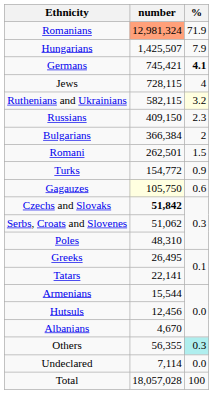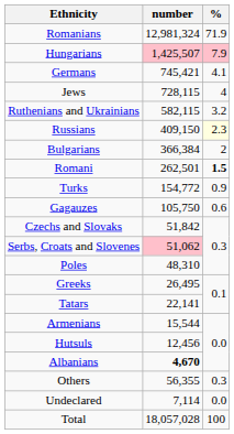 <table class="wikitable" style="text-align:center; border:5">
 <tr bgcolor="#e0e0e0">
 <th>Ethnicity</th>
 <th>number</th>
 <th>%</th>
 </tr>
 <tr>
 <td><a href='#'>Romanians</a></td>
-<td align="right" style="background: lightsalmon;">12,981,324</td>
+<td align="right">12,981,324</td>
 <td align="right">71.9</td>
 </tr>
 <tr>
 <td><a href='#'>Hungarians</a></td>
-<td align="right">1,425,507</td>
-<td align="right">7.9</td>
+<td align="right" style="background: pink;">1,425,507</td>
+<td align="right" style="background: pink;">7.9</td>
 </tr>
 <tr>
 <td><a href='#'>Germans</a></td>
 <td align="right">745,421</td>
-<td align="right"><strong>4.1</strong></td>
+<td align="right">4.1</td>
 </tr>
 <tr>
 <td>Jews</td>
 <td align="right">728,115</td>
 <td align="right">4</td>
 </tr>
 <tr>
 <td><a href='#'>Ruthenians</a> and <a href='#'>Ukrainians</a></td>
 <td align="right">582,115</td>
-<td align="right" style="background: lightyellow;">3.2</td>
+<td align="right">3.2</td>
 </tr>
 <tr>
 <td><a href='#'>Russians</a></td>
 <td align="right">409,150</td>
-<td align="right">2.3</td>
+<td align="right" style="background: lightyellow;">2.3</td>
 </tr>
 <tr>
 <td><a href='#'>Bulgarians</a></td>
 <td align="right">366,384</td>
 <td align="right">2</td>
 </tr>
 <tr>
 <td><a href='#'>Romani</a></td>
 <td align="right">262,501</td>
-<td align="right">1.5</td>
+<td align="right"><strong>1.5</strong></td>
 </tr>
 <tr>
 <td><a href='#'>Turks</a></td>
 <td align="right">154,772</td>
 <td align="right">0.9</td>
 </tr>
 <tr>
 <td><a href='#'>Gagauzes</a></td>
-<td align="right" style="background: lightyellow;">105,750</td>
+<td align="right">105,750</td>
 <td align="right">0.6</td>
 </tr>
 <tr>
 <td><a href='#'>Czechs</a> and <a href='#'>Slovaks</a></td>
-<td align="right"><strong>51,842</strong></td>
+<td align="right">51,842</td>
 <td rowspan="3" align="right">0.3</td>
 </tr>
 <tr>
 <td><a href='#'>Serbs</a>, <a href='#'>Croats</a> and <a href='#'>Slovenes</a></td>
-<td align="right">51,062</td>
+<td align="right" style="background: pink;">51,062</td>
 </tr>
 <tr>
 <td><a href='#'>Poles</a></td>
 <td align="right">48,310</td>
 </tr>
 <tr>
 <td><a href='#'>Greeks</a></td>
 <td align="right">26,495</td>
 <td rowspan="2" align="right">0.1</td>
 </tr>
 <tr>
 <td><a href='#'>Tatars</a></td>
 <td align="right">22,141</td>
 </tr>
 <tr>
 <td><a href='#'>Armenians</a></td>
 <td align="right">15,544</td>
 <td rowspan="3" align="right">0.0</td>
 </tr>
 <tr>
 <td><a href='#'>Hutsuls</a></td>
 <td align="right">12,456</td>
 </tr>
 <tr>
 <td><a href='#'>Albanians</a></td>
-<td align="right">4,670</td>
+<td align="right"><strong>4,670</strong></td>
 </tr>
 <tr>
 <td>Others</td>
 <td align="right">56,355</td>
-<td align="right" style="background: paleturquoise;">0.3</td>
+<td align="right">0.3</td>
 </tr>
 <tr>
 <td>Undeclared</td>
 <td align="right">7,114</td>
 <td align="right">0.0</td>
 </tr>
 <tr>
 <td>Total</td>
 <td>18,057,028</td>
 <td>100</td>
 </tr>
 </table>
